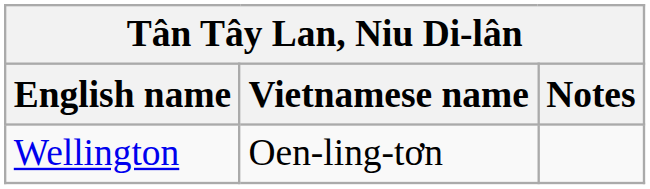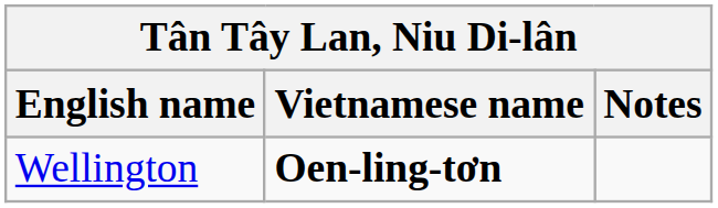 <table class="wikitable sortable">
 <tr>
 <th colspan="3"> Tân Tây Lan, Niu Di-lân</th>
 </tr>
 <tr>
 <th>English name</th>
 <th>Vietnamese name</th>
 <th>Notes</th>
 </tr>
 <tr>
 <td><a href='#'>Wellington</a></td>
-<td>Oen-ling-tơn</td>
+<td><strong>Oen-ling-tơn</strong></td>
 </tr>
 </table>
